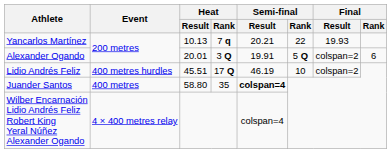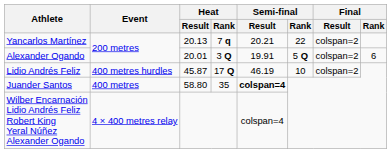 <table class=wikitable style=font-size:90%>
 <tr>
 <th rowspan=2>Athlete</th>
 <th rowspan=2>Event</th>
 <th colspan=2>Heat</th>
 <th colspan=2>Semi-final</th>
 <th colspan=2>Final</th>
 </tr>
 <tr style=font-size:95%>
 <th>Result</th>
 <th>Rank</th>
 <th>Result</th>
 <th>Rank</th>
 <th>Result</th>
 <th>Rank</th>
 </tr>
 <tr align=center>
 <td align=left><a href='#'>Yancarlos Martínez</a></td>
 <td align=left rowspan=2><a href='#'>200 metres</a></td>
-<td>10.13</td>
+<td>20.13</td>
 <td>7 <strong>q</strong></td>
 <td>20.21 </td>
 <td>22</td>
-<td>19.93</td>
+<td>colspan=2 </td>
 </tr>
 <tr align=center>
 <td align=left><a href='#'>Alexander Ogando</a></td>
 <td>20.01 </td>
 <td>3 <strong>Q</strong></td>
 <td>19.91 </td>
 <td>5 <strong>Q</strong></td>
 <td>colspan=2 </td>
 <td>6</td>
 </tr>
 <tr align=center>
 <td align=left><a href='#'>Lidio Andrés Feliz</a></td>
 <td align=left><a href='#'>400 metres hurdles</a></td>
-<td>45.51</td>
+<td>45.87</td>
 <td>17 <strong>Q</strong></td>
 <td>46.19</td>
 <td>10</td>
 <td>colspan=2 </td>
 </tr>
 <tr align=center>
 <td align=left><a href='#'>Juander Santos</a></td>
 <td align=left><a href='#'>400 metres</a></td>
 <td>58.80</td>
 <td>35</td>
 <td><strong>colspan=4 </strong></td>
 </tr>
 <tr align=center>
 <td align=left><a href='#'>Wilber Encarnación</a><br><a href='#'>Lidio Andrés Feliz</a><br><a href='#'>Robert King</a><br><a href='#'>Yeral Núñez</a><br><a href='#'>Alexander Ogando</a><br></td>
 <td align=left><a href='#'>4 × 400 metres relay</a></td>
 <td colspan=2></td>
 <td>colspan=4 </td>
 </tr>
 </table>
